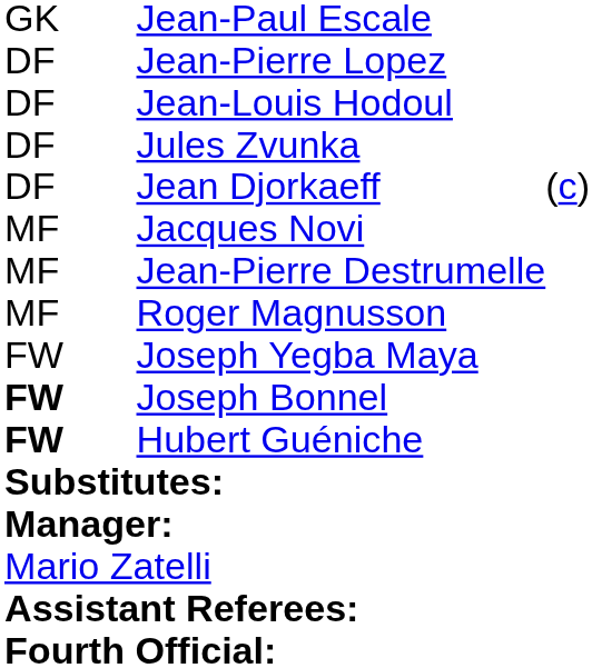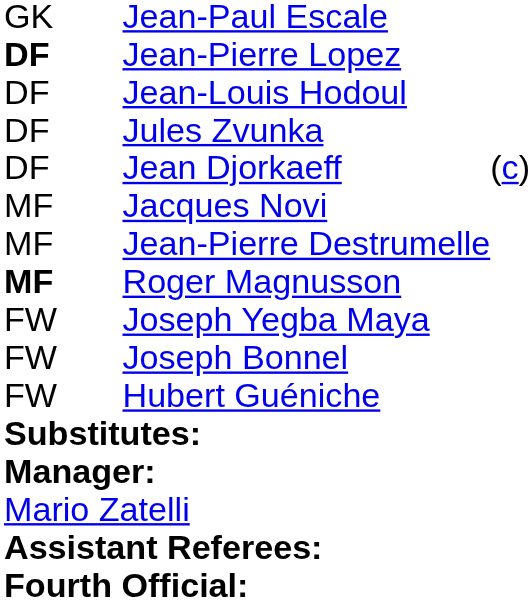 <table style=font-size:90% cellspacing=0 cellpadding=0>
 <tr>
 <td colspan=4></td>
 </tr>
 <tr>
 <th width=25></th>
 <th width=25></th>
 </tr>
 <tr>
 <td>GK</td>
 <td><strong> </strong></td>
 <td> <a href='#'>Jean-Paul Escale</a></td>
 </tr>
 <tr>
-<td>DF</td>
+<td><strong>DF</strong></td>
 <td><strong> </strong></td>
 <td> <a href='#'>Jean-Pierre Lopez</a></td>
 </tr>
 <tr>
 <td>DF</td>
 <td><strong> </strong></td>
 <td> <a href='#'>Jean-Louis Hodoul</a></td>
 </tr>
 <tr>
 <td>DF</td>
 <td><strong> </strong></td>
 <td> <a href='#'>Jules Zvunka</a></td>
 </tr>
 <tr>
 <td>DF</td>
 <td><strong> </strong></td>
 <td> <a href='#'>Jean Djorkaeff</a></td>
 <td>(<a href='#'>c</a>)</td>
 </tr>
 <tr>
 <td>MF</td>
 <td><strong> </strong></td>
 <td> <a href='#'>Jacques Novi</a></td>
 </tr>
 <tr>
 <td>MF</td>
 <td><strong> </strong></td>
 <td> <a href='#'>Jean-Pierre Destrumelle</a></td>
 </tr>
 <tr>
-<td>MF</td>
+<td><strong>MF</strong></td>
 <td><strong> </strong></td>
 <td> <a href='#'>Roger Magnusson</a></td>
 </tr>
 <tr>
 <td>FW</td>
 <td><strong> </strong></td>
 <td> <a href='#'>Joseph Yegba Maya</a></td>
 </tr>
 <tr>
-<td><strong>FW</strong></td>
+<td>FW</td>
 <td><strong> </strong></td>
 <td> <a href='#'>Joseph Bonnel</a></td>
 </tr>
 <tr>
-<td><strong>FW</strong></td>
+<td>FW</td>
 <td><strong> </strong></td>
 <td> <a href='#'>Hubert Guéniche</a></td>
 </tr>
 <tr>
 <td colspan=3><strong>Substitutes:</strong></td>
 </tr>
 <tr>
 <td colspan=3><strong>Manager:</strong></td>
 </tr>
 <tr>
 <td colspan=4> <a href='#'>Mario Zatelli</a><br><strong>Assistant Referees:</strong><br> <strong>Fourth Official:</strong><br></td>
 </tr>
 </table>
